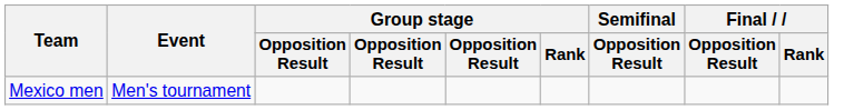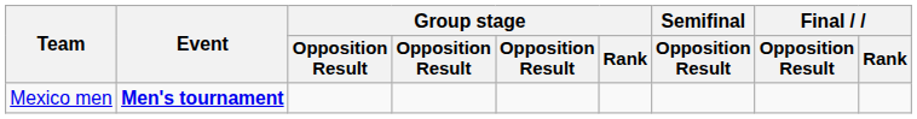 <table class=wikitable style=font-size:90%;text-align:center>
 <tr>
 <th rowspan=2>Team</th>
 <th rowspan=2>Event</th>
 <th colspan=4>Group stage</th>
 <th>Semifinal</th>
 <th colspan=2>Final /  / </th>
 </tr>
 <tr style=font-size:95%>
 <th>Opposition<br>Result</th>
 <th>Opposition<br>Result</th>
 <th>Opposition<br>Result</th>
 <th>Rank</th>
 <th>Opposition<br>Result</th>
 <th>Opposition<br>Result</th>
 <th>Rank</th>
 </tr>
 <tr>
 <td align=left><a href='#'>Mexico men</a></td>
-<td align=left><a href='#'>Men's tournament</a></td>
+<td align=left><strong><a href='#'>Men's tournament</a></strong></td>
 <td></td>
 <td></td>
 <td></td>
 <td></td>
 <td></td>
 <td></td>
 <td></td>
 </tr>
 </table>
